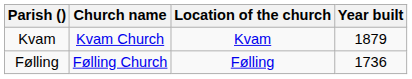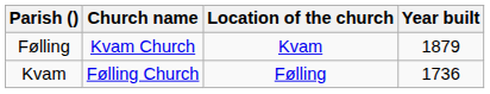 <table class="wikitable" style="text-align:center">
 <tr>
 <th>Parish ()</th>
 <th>Church name</th>
 <th>Location of the church</th>
 <th>Year built</th>
 </tr>
 <tr>
-<td rowspan="1">Kvam</td>
+<td rowspan="1">Følling</td>
 <td><a href='#'>Kvam Church</a></td>
 <td><a href='#'>Kvam</a></td>
 <td>1879</td>
 </tr>
 <tr>
-<td rowspan="1">Følling</td>
+<td rowspan="1">Kvam</td>
 <td><a href='#'>Følling Church</a></td>
 <td><a href='#'>Følling</a></td>
 <td>1736</td>
 </tr>
 </table>
